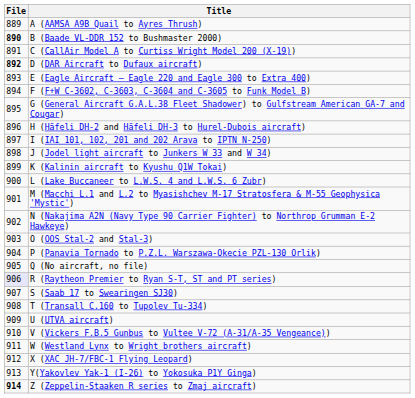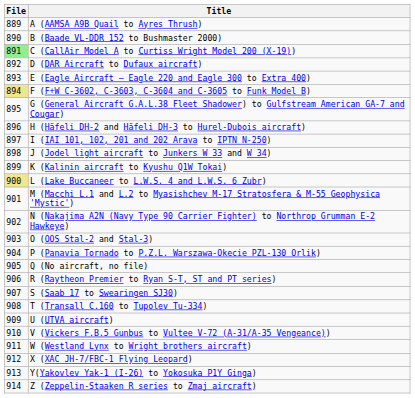 <table class="wikitable collapsible collapsed" border="1">
 <tr>
 <th>File</th>
 <th width=600>Title</th>
 </tr>
 <tr>
 <td>889</td>
 <td>A (<a href='#'>AAMSA A9B Quail</a> to <a href='#'>Ayres Thrush</a>)</td>
 </tr>
 <tr>
-<td><strong>890</strong></td>
+<td>890</td>
 <td>B (<a href='#'>Baade VL-DDR 152</a> to Bushmaster 2000)</td>
 </tr>
 <tr>
-<td>891</td>
+<td style="background: lightgreen;">891</td>
 <td>C (<a href='#'>CallAir Model A</a> to <a href='#'>Curtiss Wright Model 200 (X-19)</a>)</td>
 </tr>
 <tr>
-<td><strong>892</strong></td>
+<td>892</td>
 <td>D (<a href='#'>DAR Aircraft</a> to <a href='#'>Dufaux aircraft</a>)</td>
 </tr>
 <tr>
 <td>893</td>
 <td>E (<a href='#'>Eagle Aircraft – Eagle 220 and Eagle 300</a> to <a href='#'>Extra 400</a>)</td>
 </tr>
 <tr>
-<td>894</td>
+<td style="background: khaki;">894</td>
 <td>F (<a href='#'>F+W C-3602, C-3603, C-3604 and C-3605</a> to <a href='#'>Funk Model B</a>)</td>
 </tr>
 <tr>
 <td>895</td>
 <td>G (<a href='#'>General Aircraft G.A.L.38 Fleet Shadower</a>) to <a href='#'>Gulfstream American GA-7 and Cougar</a>)</td>
 </tr>
 <tr>
 <td>896</td>
 <td>H (<a href='#'>Häfeli DH-2</a> and <a href='#'>Häfeli DH-3</a> to <a href='#'>Hurel-Dubois aircraft</a>)</td>
 </tr>
 <tr>
 <td>897</td>
 <td>I (<a href='#'>IAI 101, 102, 201 and 202 Arava</a> to <a href='#'>IPTN N-250</a>)</td>
 </tr>
 <tr>
 <td>898</td>
 <td>J (<a href='#'>Jodel light aircraft</a> to <a href='#'>Junkers W 33</a> and <a href='#'>W 34</a>)</td>
 </tr>
 <tr>
 <td>899</td>
 <td>K (<a href='#'>Kalinin aircraft</a> to <a href='#'>Kyushu Q1W Tokai</a>)</td>
 </tr>
 <tr>
-<td>900</td>
+<td style="background: khaki;">900</td>
 <td>L (<a href='#'>Lake Buccaneer</a> to <a href='#'>L.W.S. 4 and L.W.S. 6 Zubr</a>)</td>
 </tr>
 <tr>
 <td>901</td>
 <td>M (<a href='#'>Macchi L.1</a> and <a href='#'>L.2</a> to <a href='#'>Myasishchev M-17 Stratosfera & M-55 Geophysica 'Mystic'</a>)</td>
 </tr>
 <tr>
 <td>902</td>
 <td>N (<a href='#'>Nakajima A2N (Navy Type 90 Carrier Fighter)</a> to <a href='#'>Northrop Grumman E-2 Hawkeye</a>)</td>
 </tr>
 <tr>
 <td>903</td>
 <td>O (<a href='#'>OOS Stal-2</a> and <a href='#'>Stal-3</a>)</td>
 </tr>
 <tr>
 <td>904</td>
 <td>P (<a href='#'>Panavia Tornado</a> to <a href='#'>P.Z.L. Warszawa-Okecie PZL-130 Orlik</a>)</td>
 </tr>
 <tr>
 <td>905</td>
 <td>Q (No aircraft, no file)</td>
 </tr>
 <tr>
-<td style="background: lavender;">906</td>
+<td>906</td>
 <td>R (<a href='#'>Raytheon Premier</a> to <a href='#'>Ryan S-T, ST and PT series</a>)</td>
 </tr>
 <tr>
 <td>907</td>
 <td>S (<a href='#'>Saab 17</a> to <a href='#'>Swearingen SJ30</a>)</td>
 </tr>
 <tr>
 <td>908</td>
 <td>T (<a href='#'>Transall C.160</a> to <a href='#'>Tupolev Tu-334</a>)</td>
 </tr>
 <tr>
 <td>909</td>
 <td>U (<a href='#'>UTVA aircraft</a>)</td>
 </tr>
 <tr>
 <td>910</td>
 <td>V (<a href='#'>Vickers F.B.5 Gunbus</a> to <a href='#'>Vultee V-72 (A-31/A-35 Vengeance)</a>)</td>
 </tr>
 <tr>
 <td>911</td>
 <td>W (<a href='#'>Westland Lynx</a> to <a href='#'>Wright brothers aircraft</a>)</td>
 </tr>
 <tr>
 <td>912</td>
 <td>X (<a href='#'>XAC JH-7/FBC-1 Flying Leopard</a>)</td>
 </tr>
 <tr>
 <td>913</td>
 <td>Y(<a href='#'>Yakovlev Yak-1 (I-26)</a> to <a href='#'>Yokosuka P1Y Ginga</a>)</td>
 </tr>
 <tr>
-<td><strong>914</strong></td>
+<td>914</td>
 <td>Z (<a href='#'>Zeppelin-Staaken R series</a> to <a href='#'>Zmaj aircraft</a>)</td>
 </tr>
 </table>
